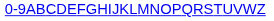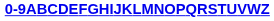 <table id="toc" class="toc" summary="Class">
 <tr>
 <th></th>
 </tr>
 <tr>
-<td style="text-align:center;"><a href='#'>0-9</a><a href='#'>A</a><a href='#'>B</a><a href='#'>C</a><a href='#'>D</a><a href='#'>E</a><a href='#'>F</a><a href='#'>G</a><a href='#'>H</a><a href='#'>I</a><a href='#'>J</a><a href='#'>K</a><a href='#'>L</a><a href='#'>M</a><a href='#'>N</a><a href='#'>O</a><a href='#'>P</a><a href='#'>Q</a><a href='#'>R</a><a href='#'>S</a><a href='#'>T</a><a href='#'>U</a><a href='#'>V</a><a href='#'>W</a><a href='#'>Z</a></td>
+<td style="text-align:center;"><strong><a href='#'>0-9</a><a href='#'>A</a><a href='#'>B</a><a href='#'>C</a><a href='#'>D</a><a href='#'>E</a><a href='#'>F</a><a href='#'>G</a><a href='#'>H</a><a href='#'>I</a><a href='#'>J</a><a href='#'>K</a><a href='#'>L</a><a href='#'>M</a><a href='#'>N</a><a href='#'>O</a><a href='#'>P</a><a href='#'>Q</a><a href='#'>R</a><a href='#'>S</a><a href='#'>T</a><a href='#'>U</a><a href='#'>V</a><a href='#'>W</a><a href='#'>Z</a></strong></td>
 </tr>
 </table>
